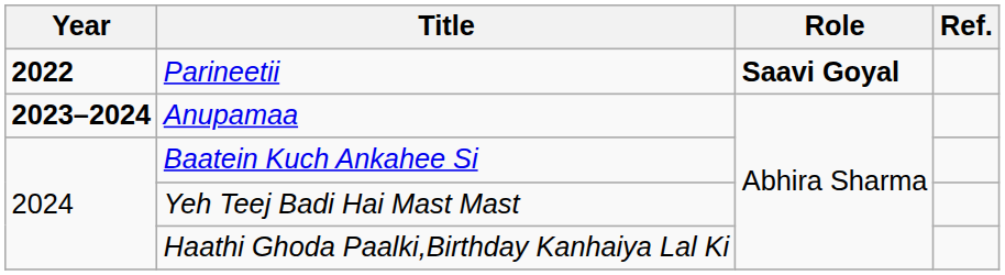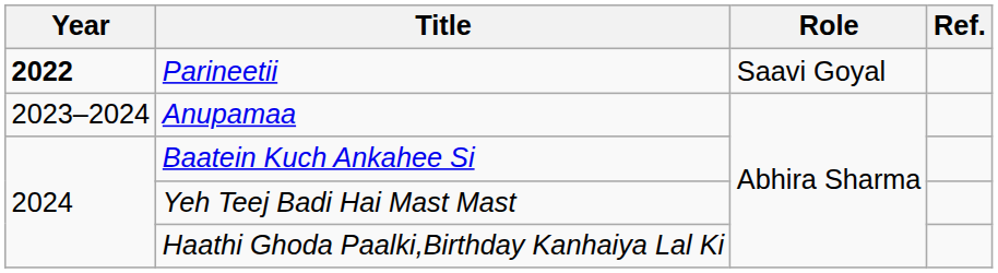 <table class="wikitable sortable plainrowheaders">
 <tr>
 <th>Year</th>
 <th>Title</th>
 <th>Role</th>
 <th class="unsortable">Ref.</th>
 </tr>
 <tr>
 <td><strong>2022</strong></td>
 <td><em><a href='#'>Parineetii</a></em></td>
-<td><strong>Saavi Goyal</strong></td>
+<td>Saavi Goyal</td>
 <td></td>
 </tr>
 <tr>
-<td><strong>2023–2024</strong></td>
+<td>2023–2024</td>
 <td><em><a href='#'>Anupamaa</a></em></td>
 <td rowspan="4">Abhira Sharma</td>
 <td></td>
 </tr>
 <tr>
 <td rowspan="3">2024</td>
 <td><em><a href='#'>Baatein Kuch Ankahee Si</a></em></td>
 <td></td>
 </tr>
 <tr>
 <td><em>Yeh Teej Badi Hai Mast Mast</em></td>
 <td></td>
 </tr>
 <tr>
 <td><em>Haathi Ghoda Paalki,Birthday Kanhaiya Lal Ki</em></td>
 <td></td>
 </tr>
 </table>
